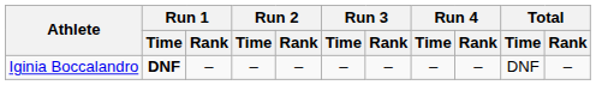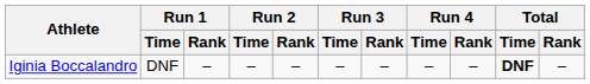 <table class="wikitable" border="1" style="font-size:90%">
 <tr>
 <th rowspan="2">Athlete</th>
 <th colspan="2">Run 1</th>
 <th colspan="2">Run 2</th>
 <th colspan="2">Run 3</th>
 <th colspan="2">Run 4</th>
 <th colspan="2">Total</th>
 </tr>
 <tr>
 <th>Time</th>
 <th>Rank</th>
 <th>Time</th>
 <th>Rank</th>
 <th>Time</th>
 <th>Rank</th>
 <th>Time</th>
 <th>Rank</th>
 <th>Time</th>
 <th>Rank</th>
 </tr>
 <tr>
 <td><a href='#'>Iginia Boccalandro</a></td>
-<td align="center"><strong>DNF</strong></td>
+<td align="center">DNF</td>
 <td align="center">–</td>
 <td align="center">–</td>
 <td align="center">–</td>
 <td align="center">–</td>
 <td align="center">–</td>
 <td align="center">–</td>
 <td align="center">–</td>
-<td align="center">DNF</td>
+<td align="center"><strong>DNF</strong></td>
 <td align="center">–</td>
 </tr>
 </table>
